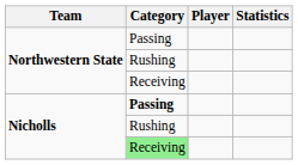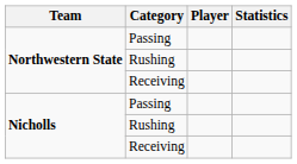 <table class="wikitable" style="float: left;">
 <tr>
 <th>Team</th>
 <th>Category</th>
 <th>Player</th>
 <th>Statistics</th>
 </tr>
 <tr>
 <td rowspan=3><strong>Northwestern State</strong></td>
 <td>Passing</td>
 <td> </td>
 <td> </td>
 </tr>
 <tr>
 <td>Rushing</td>
 <td> </td>
 <td> </td>
 </tr>
 <tr>
 <td>Receiving</td>
 <td> </td>
 <td> </td>
 </tr>
 <tr>
 <td rowspan=3><strong>Nicholls</strong></td>
-<td><strong>Passing</strong></td>
+<td>Passing</td>
 <td> </td>
 <td> </td>
 </tr>
 <tr>
 <td>Rushing</td>
 <td> </td>
 <td> </td>
 </tr>
 <tr>
-<td style="background: lightgreen;">Receiving</td>
+<td>Receiving</td>
 <td> </td>
 <td> </td>
 </tr>
 </table>
